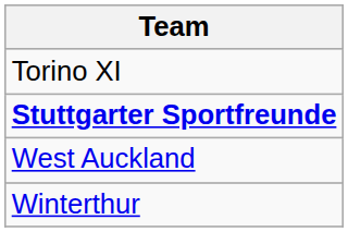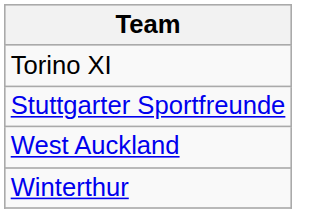 <table class="wikitable">
 <tr>
 <th width= px>Team</th>
 </tr>
 <tr>
 <td> Torino XI </td>
 </tr>
 <tr>
-<td><strong> <a href='#'>Stuttgarter Sportfreunde</a></strong></td>
+<td> <a href='#'>Stuttgarter Sportfreunde</a></td>
 </tr>
 <tr>
 <td> <a href='#'>West Auckland</a></td>
 </tr>
 <tr>
 <td> <a href='#'>Winterthur</a></td>
 </tr>
 </table>
